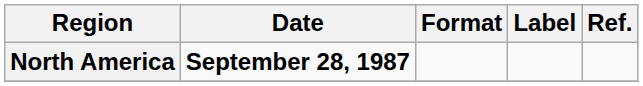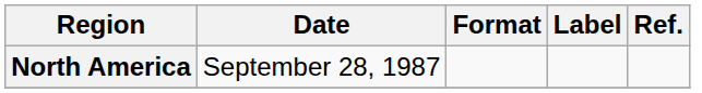 <table class="wikitable plainrowheaders">
 <tr>
 <th scope="col">Region</th>
 <th scope="col">Date</th>
 <th scope="col">Format</th>
 <th scope="col">Label</th>
 <th scope="col">Ref.</th>
 </tr>
 <tr>
 <th scope="row">North America</th>
-<td><strong>September 28, 1987</strong></td>
+<td>September 28, 1987</td>
 <td></td>
 <td></td>
 <td></td>
 </tr>
 <tr>
 </tr>
 </table>
